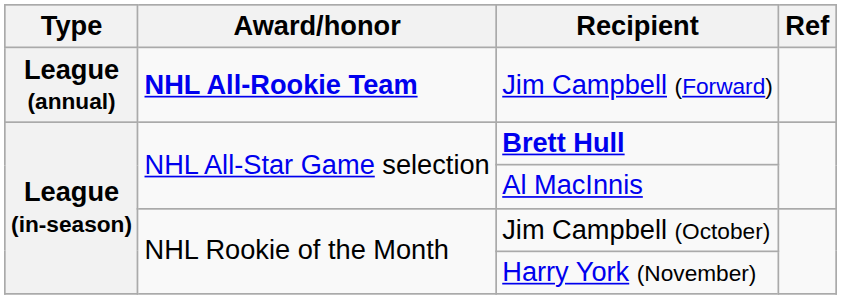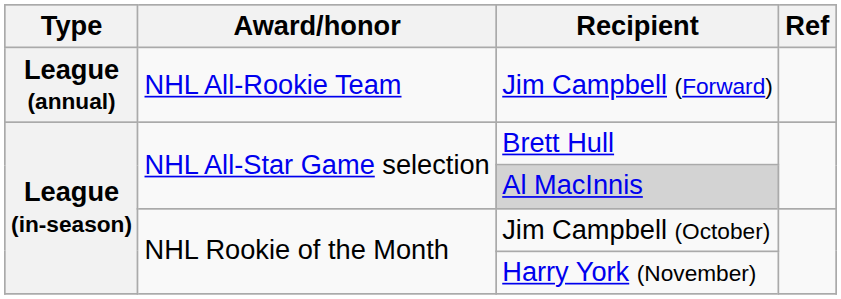 <table class="wikitable">
 <tr>
 <th scope="col">Type</th>
 <th scope="col">Award/honor</th>
 <th scope="col">Recipient</th>
 <th scope="col">Ref</th>
 </tr>
 <tr>
 <th scope="row">League<br><small>(annual)</small></th>
-<td><strong><a href='#'>NHL All-Rookie Team</a></strong></td>
+<td><a href='#'>NHL All-Rookie Team</a></td>
 <td><a href='#'>Jim Campbell</a> <small>(<a href='#'>Forward</a>)</small></td>
 <td></td>
 </tr>
 <tr>
 <th scope="row" rowspan="4">League<br><small>(in-season)</small></th>
 <td rowspan="2"><a href='#'>NHL All-Star Game</a> selection</td>
-<td><strong><a href='#'>Brett Hull</a></strong></td>
+<td><a href='#'>Brett Hull</a></td>
 <td rowspan="2"></td>
 </tr>
 <tr>
-<td><a href='#'>Al MacInnis</a></td>
+<td style="background: lightgrey;"><a href='#'>Al MacInnis</a></td>
 </tr>
 <tr>
 <td rowspan="2">NHL Rookie of the Month</td>
 <td>Jim Campbell <small>(October)</small></td>
 <td rowspan="2"></td>
 </tr>
 <tr>
 <td><a href='#'>Harry York</a> <small>(November)</small></td>
 </tr>
 </table>
